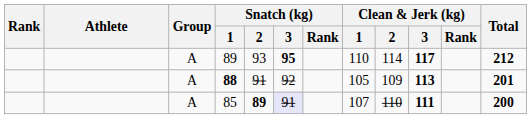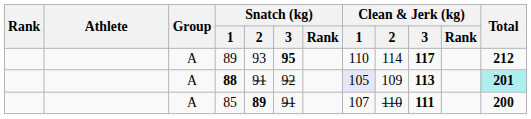 <table class = "wikitable" style="text-align:center;">
 <tr>
 <th rowspan=2 width=40>Rank</th>
 <th rowspan=2 width=250>Athlete</th>
 <th rowspan=2 width=50>Group</th>
 <th colspan=4>Snatch (kg)</th>
 <th colspan=4>Clean & Jerk (kg)</th>
 <th rowspan=2 width=60>Total</th>
 </tr>
 <tr>
 <th width=40>1</th>
 <th width=40>2</th>
 <th width=40>3</th>
 <th width=40>Rank</th>
 <th width=40>1</th>
 <th width=40>2</th>
 <th width=40>3</th>
 <th width=40>Rank</th>
 </tr>
 <tr>
 <td></td>
 <td align=left></td>
 <td>A</td>
 <td>89</td>
 <td>93</td>
 <td><strong>95</strong></td>
 <td></td>
 <td>110</td>
 <td>114</td>
 <td><strong>117</strong></td>
 <td></td>
 <td><strong>212</strong></td>
 </tr>
 <tr>
 <td></td>
 <td align=left></td>
 <td>A</td>
 <td><strong>88</strong></td>
 <td><s>91</s></td>
 <td><s>92</s></td>
 <td></td>
-<td>105</td>
+<td style="background: lavender;">105</td>
 <td>109</td>
 <td><strong>113</strong></td>
 <td></td>
-<td><strong>201</strong></td>
+<td style="background: paleturquoise;"><strong>201</strong></td>
 </tr>
 <tr>
 <td></td>
 <td align=left></td>
 <td>A</td>
 <td>85</td>
 <td><strong>89</strong></td>
-<td style="background: lavender;"><s>91</s></td>
+<td><s>91</s></td>
 <td></td>
 <td>107</td>
 <td><s>110</s></td>
 <td><strong>111</strong></td>
 <td></td>
 <td><strong>200</strong></td>
 </tr>
 </table>
